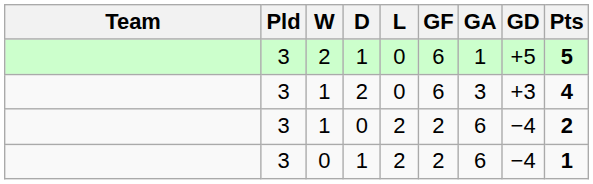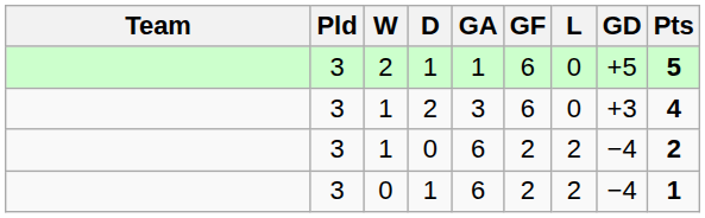 <table class="wikitable" style="text-align:center;">
 <tr>
 <th width=180>Team</th>
 <th width=20>Pld</th>
 <th width=20>W</th>
 <th width=20>D</th>
+<th width=20>GA</th>
+<th width=20>GF</th>
 <th width=20>L</th>
-<th width=20>GF</th>
-<th width=20>GA</th>
 <th width=20>GD</th>
 <th width=20>Pts</th>
 </tr>
 <tr bgcolor="ccffcc">
 <td align="left"></td>
 <td>3</td>
 <td>2</td>
 <td>1</td>
+<td>1</td>
+<td>6</td>
 <td>0</td>
-<td>6</td>
-<td>1</td>
 <td>+5</td>
 <td><strong>5</strong></td>
 </tr>
 <tr>
 <td align="left"></td>
 <td>3</td>
 <td>1</td>
 <td>2</td>
+<td>3</td>
+<td>6</td>
 <td>0</td>
-<td>6</td>
-<td>3</td>
 <td>+3</td>
 <td><strong>4</strong></td>
 </tr>
 <tr>
 <td align="left"></td>
 <td>3</td>
 <td>1</td>
 <td>0</td>
+<td>6</td>
 <td>2</td>
 <td>2</td>
-<td>6</td>
 <td>−4</td>
 <td><strong>2</strong></td>
 </tr>
 <tr>
 <td align="left"></td>
 <td>3</td>
 <td>0</td>
 <td>1</td>
+<td>6</td>
 <td>2</td>
 <td>2</td>
-<td>6</td>
 <td>−4</td>
 <td><strong>1</strong></td>
 </tr>
 </table>
